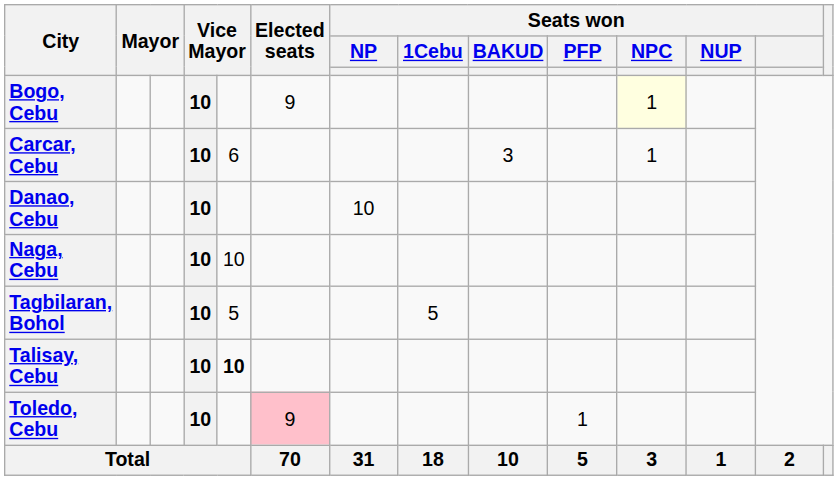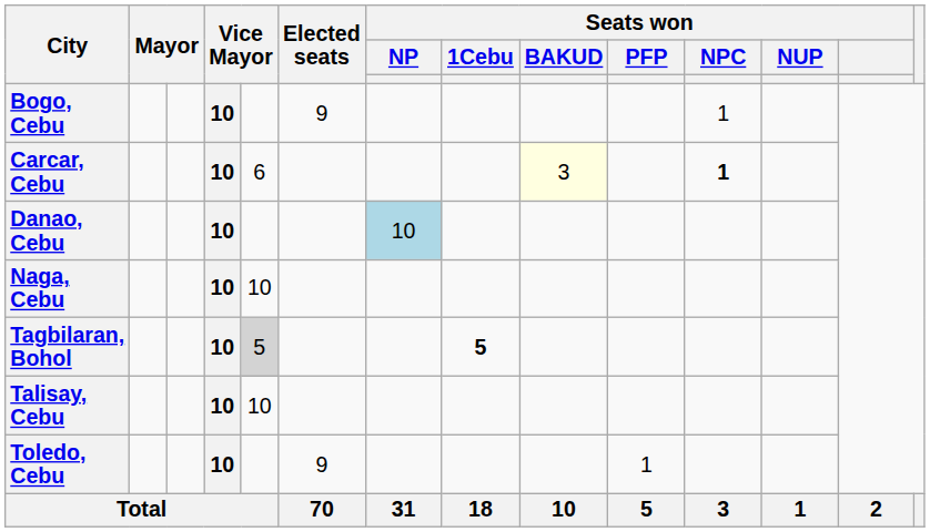 <table class="wikitable" style="text-align:center; font-size: 0.9em;">
 <tr>
 <th rowspan="3">City</th>
 <th colspan="2" rowspan="3" style="width:60px;">Mayor</th>
 <th colspan="2" rowspan="3" style="width:60px;">Vice Mayor</th>
 <th rowspan="3">Elected<br>seats</th>
 <th colspan="7">Seats won</th>
 <th rowspan="3"></th>
 </tr>
 <tr>
 <th class="unsortable" style="width:45px;"><a href='#'>NP</a></th>
 <th class="unsortable" style="width:45px;"><a href='#'>1Cebu</a></th>
 <th class="unsortable" style="width:45px;"><a href='#'>BAKUD</a></th>
 <th class="unsortable" style="width:45px;"><a href='#'>PFP</a></th>
 <th class="unsortable" style="width:45px;"><a href='#'>NPC</a></th>
 <th class="unsortable" style="width:45px;"><a href='#'>NUP</a></th>
 <th class="unsortable" style="width:45px;"></th>
 </tr>
 <tr>
 <th style="color:inherit;background:"></th>
 <th style="color:inherit;background:"></th>
 <th style="color:inherit;background:"></th>
 <th style="color:inherit;background:"></th>
 <th style="color:inherit;background:"></th>
 <th style="color:inherit;background:"></th>
 <th style="color:inherit;background:"></th>
 </tr>
 <tr>
 <th style="text-align: left;"><a href='#'>Bogo, Cebu</a></th>
 <td></td>
 <td></td>
 <th>10</th>
 <td></td>
 <td>9</td>
 <td></td>
 <td></td>
 <td></td>
 <td></td>
-<td style="background: lightyellow;">1</td>
+<td>1</td>
 <td></td>
 </tr>
 <tr>
 <th style="text-align: left;"><a href='#'>Carcar, Cebu</a></th>
 <td></td>
 <td></td>
 <th>10</th>
 <td>6</td>
 <td></td>
 <td></td>
 <td></td>
-<td>3</td>
+<td style="background: lightyellow;">3</td>
 <td></td>
-<td>1</td>
+<td><strong>1</strong></td>
 <td></td>
 </tr>
 <tr>
 <th style="text-align: left;"><a href='#'>Danao, Cebu</a></th>
 <td></td>
 <td></td>
 <th>10</th>
 <td></td>
 <td></td>
-<td>10</td>
+<td style="background: lightblue;">10</td>
 <td></td>
 <td></td>
 <td></td>
 <td></td>
 <td></td>
 </tr>
 <tr>
 <th style="text-align: left;"><a href='#'>Naga, Cebu</a></th>
 <td></td>
 <td></td>
 <th>10</th>
 <td>10</td>
 <td></td>
 <td></td>
 <td></td>
 <td></td>
 <td></td>
 <td></td>
 <td></td>
 </tr>
 <tr>
 <th style="text-align: left;"><a href='#'>Tagbilaran, Bohol</a></th>
 <td></td>
 <td></td>
 <th>10</th>
-<td>5</td>
+<td style="background: lightgrey;">5</td>
 <td></td>
 <td></td>
-<td>5</td>
+<td><strong>5</strong></td>
 <td></td>
 <td></td>
 <td></td>
 <td></td>
 </tr>
 <tr>
 <th style="text-align: left;"><a href='#'>Talisay, Cebu</a></th>
 <td></td>
 <td></td>
 <th>10</th>
-<td><strong>10</strong></td>
+<td>10</td>
 <td></td>
 <td></td>
 <td></td>
 <td></td>
 <td></td>
 <td></td>
 <td></td>
 </tr>
 <tr>
 <th style="text-align: left;"><a href='#'>Toledo, Cebu</a></th>
 <td></td>
 <td></td>
 <th>10</th>
 <td></td>
-<td style="background: pink;">9</td>
+<td>9</td>
 <td></td>
 <td></td>
 <td></td>
 <td>1</td>
 <td></td>
 <td></td>
 </tr>
 <tr>
 <th colspan="5">Total</th>
 <th>70</th>
 <th>31</th>
 <th>18</th>
 <th>10</th>
 <th>5</th>
 <th>3</th>
 <th>1</th>
 <th>2</th>
 <th></th>
 </tr>
 </table>
